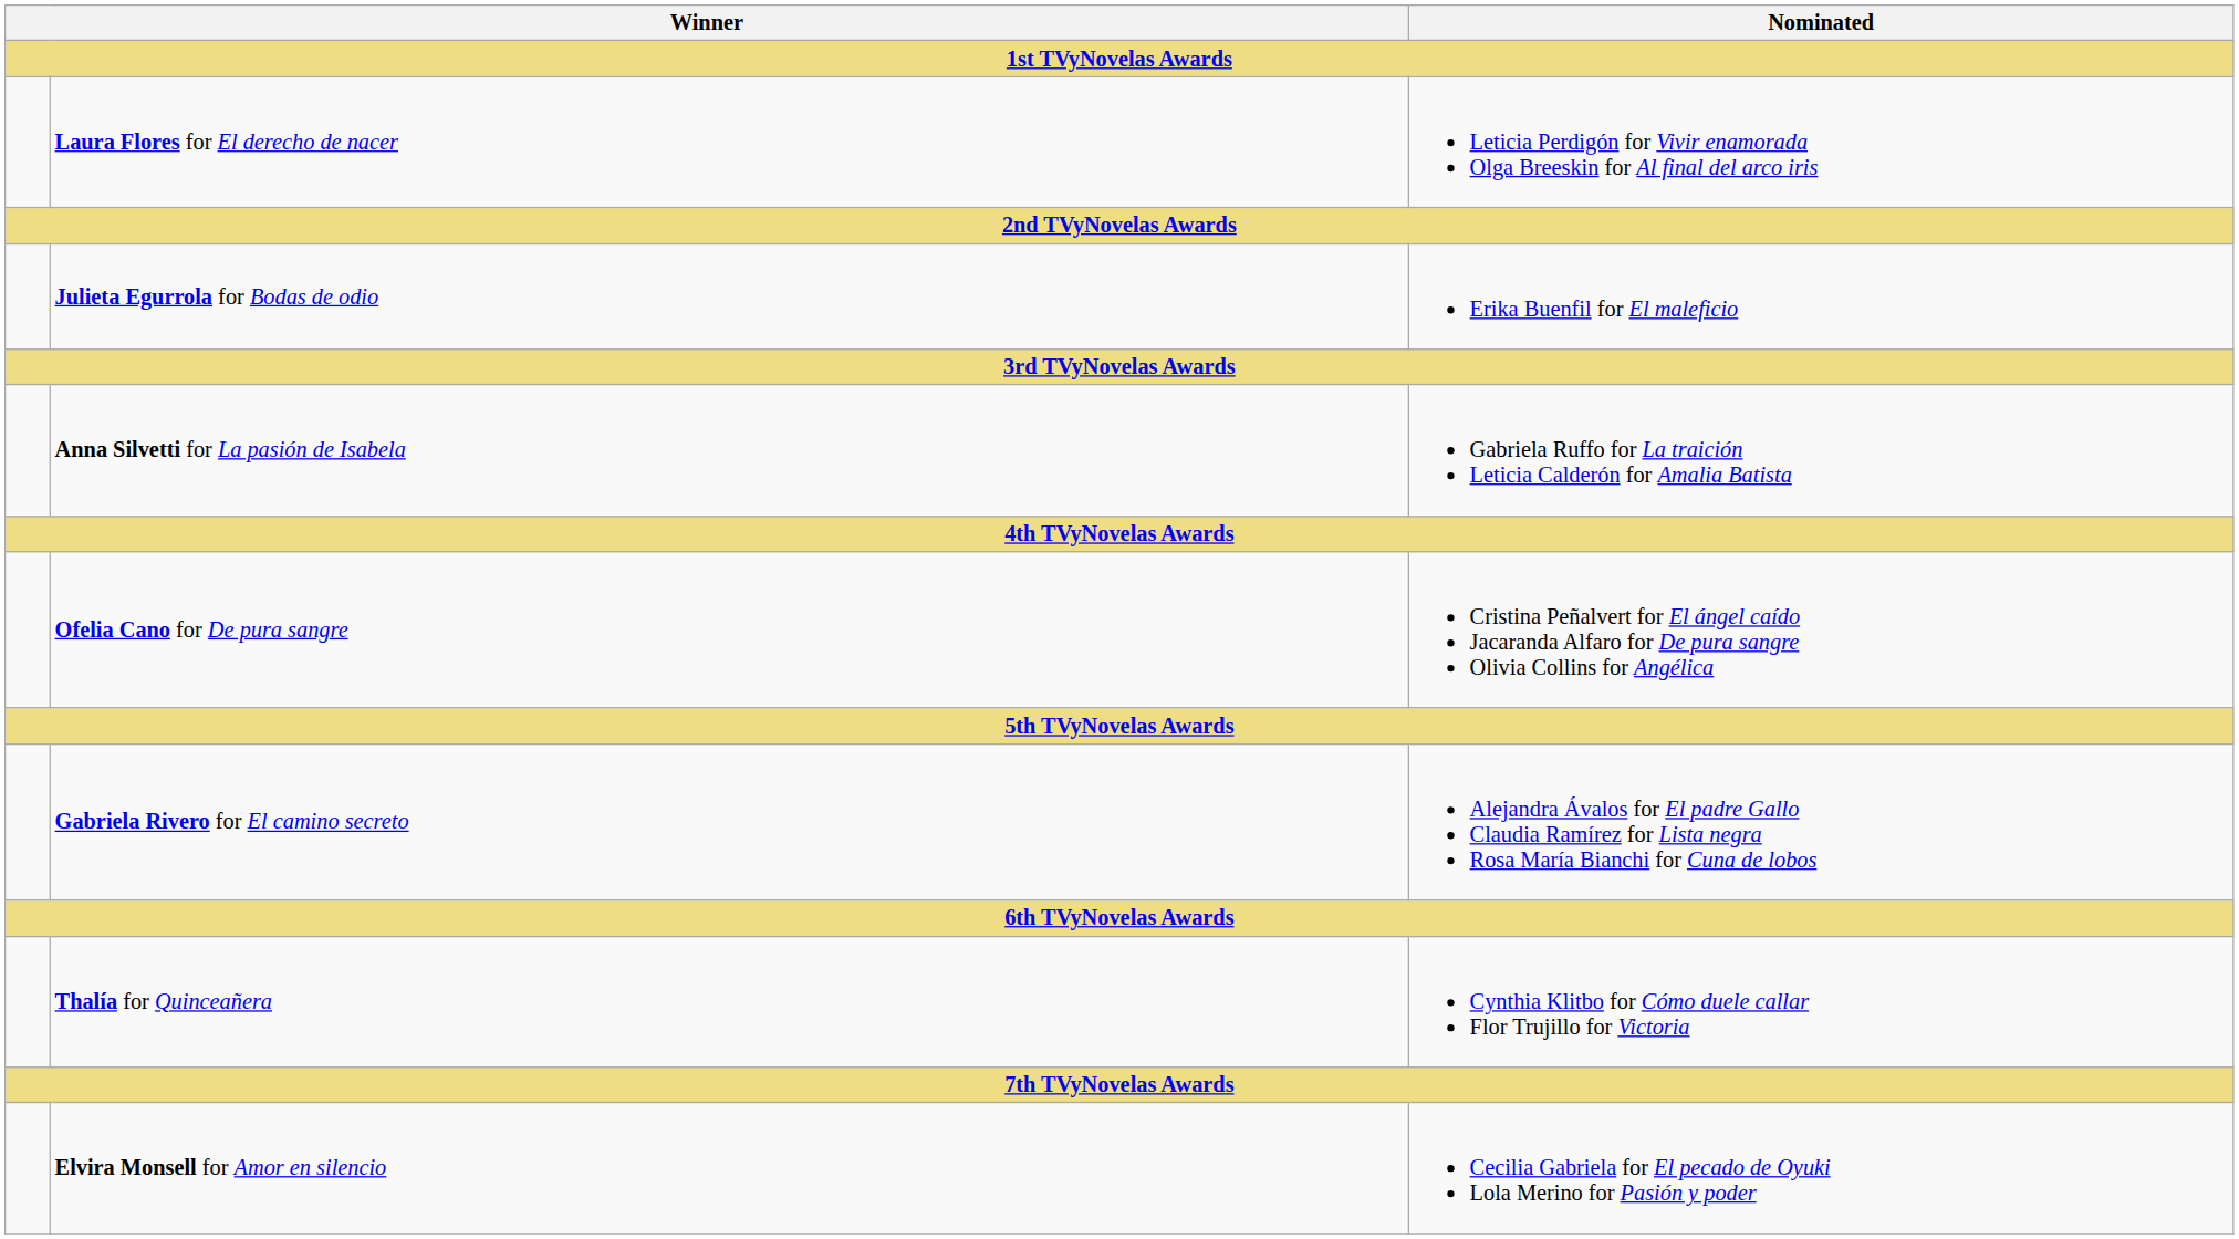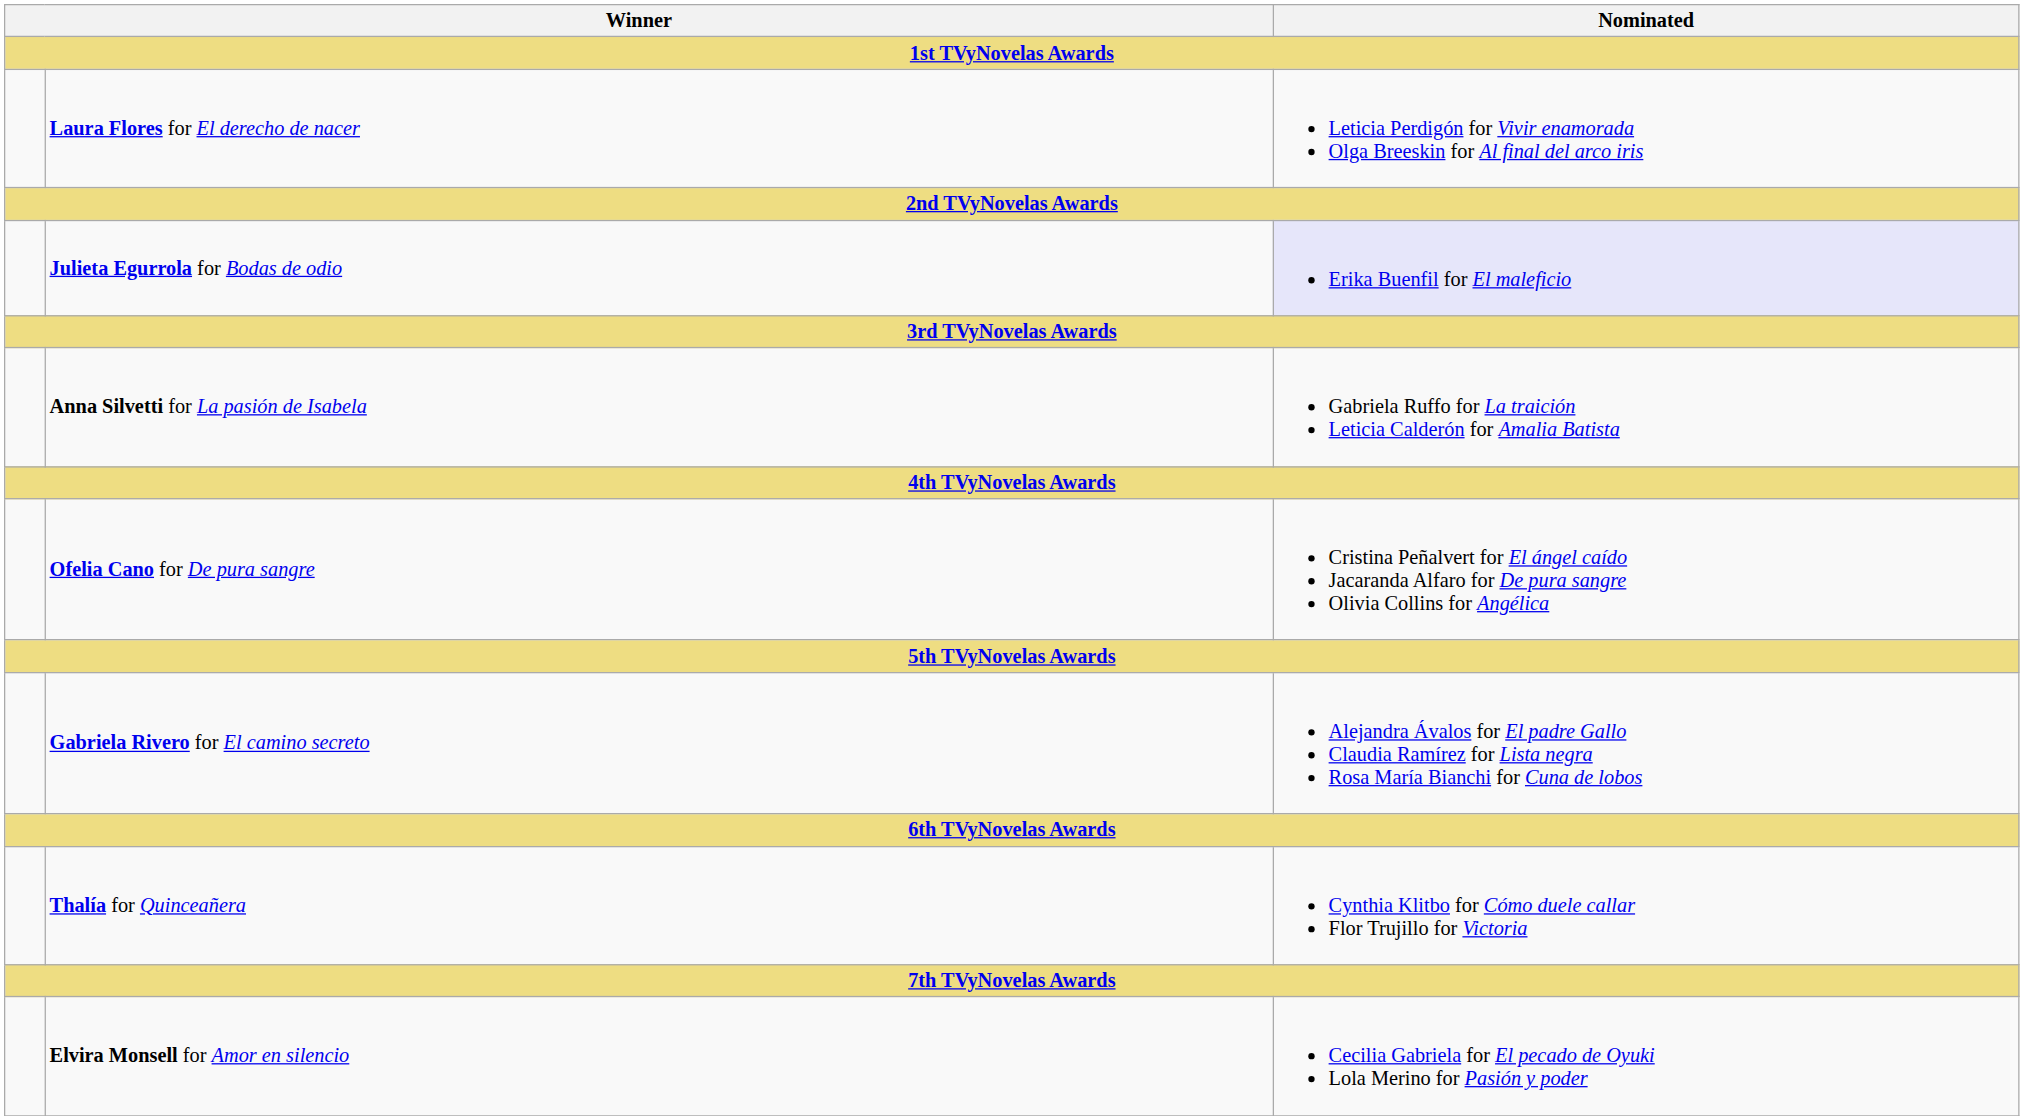 <table class="wikitable" width=80%>
 <tr align=center>
 <th width="150px;" colspan=2; align="center">Winner</th>
 <th width="580px;" align="center">Nominated</th>
 </tr>
 <tr>
 <th colspan=9 style="background:#EEDD82;"  align="center"><strong><a href='#'>1st TVyNovelas Awards</a></strong></th>
 </tr>
 <tr>
 <td width=2%></td>
 <td><strong><a href='#'>Laura Flores</a></strong> for <em><a href='#'>El derecho de nacer</a></em></td>
 <td><br><ul><li><a href='#'>Leticia Perdigón</a> for <em><a href='#'>Vivir enamorada</a></em></li><li><a href='#'>Olga Breeskin</a> for <em><a href='#'>Al final del arco iris</a></em></li></ul></td>
 </tr>
 <tr>
 <th colspan=9 style="background:#EEDD82;"  align="center"><strong><a href='#'>2nd TVyNovelas Awards</a></strong></th>
 </tr>
 <tr>
 <td width=2%></td>
 <td><strong><a href='#'>Julieta Egurrola</a></strong> for <em><a href='#'>Bodas de odio</a></em></td>
-<td><br><ul><li><a href='#'>Erika Buenfil</a> for <em><a href='#'>El maleficio</a></em></li></ul></td>
+<td style="background: lavender;"><br><ul><li><a href='#'>Erika Buenfil</a> for <em><a href='#'>El maleficio</a></em></li></ul></td>
 </tr>
 <tr>
 <th colspan=9 style="background:#EEDD82;"  align="center"><strong><a href='#'>3rd TVyNovelas Awards</a></strong></th>
 </tr>
 <tr>
 <td width=2%></td>
 <td><strong>Anna Silvetti</strong> for <em><a href='#'>La pasión de Isabela</a></em></td>
 <td><br><ul><li>Gabriela Ruffo for <em><a href='#'>La traición</a></em></li><li><a href='#'>Leticia Calderón</a> for <em><a href='#'>Amalia Batista</a></em></li></ul></td>
 </tr>
 <tr>
 <th colspan=9 style="background:#EEDD82;"  align="center"><strong><a href='#'>4th TVyNovelas Awards</a></strong></th>
 </tr>
 <tr>
 <td width=2%></td>
 <td><strong><a href='#'>Ofelia Cano</a></strong> for <em><a href='#'>De pura sangre</a></em></td>
 <td><br><ul><li>Cristina Peñalvert for <em><a href='#'>El ángel caído</a></em></li><li>Jacaranda Alfaro for <em><a href='#'>De pura sangre</a></em></li><li>Olivia Collins for <em><a href='#'>Angélica</a></em></li></ul></td>
 </tr>
 <tr>
 <th colspan=9 style="background:#EEDD82;"  align="center"><strong><a href='#'>5th TVyNovelas Awards</a></strong></th>
 </tr>
 <tr>
 <td width=2%></td>
 <td><strong><a href='#'>Gabriela Rivero</a></strong> for <em><a href='#'>El camino secreto</a></em></td>
 <td><br><ul><li><a href='#'>Alejandra Ávalos</a> for <em><a href='#'>El padre Gallo</a></em></li><li><a href='#'>Claudia Ramírez</a> for <em><a href='#'>Lista negra</a></em></li><li><a href='#'>Rosa María Bianchi</a> for <em><a href='#'>Cuna de lobos</a></em></li></ul></td>
 </tr>
 <tr>
 <th colspan=9 style="background:#EEDD82;"  align="center"><strong><a href='#'>6th TVyNovelas Awards</a></strong></th>
 </tr>
 <tr>
 <td width=2%></td>
 <td><strong><a href='#'>Thalía</a></strong> for <em><a href='#'>Quinceañera</a></em></td>
 <td><br><ul><li><a href='#'>Cynthia Klitbo</a> for <em><a href='#'>Cómo duele callar</a></em></li><li>Flor Trujillo  for <em><a href='#'>Victoria</a></em></li></ul></td>
 </tr>
 <tr>
 <th colspan=9 style="background:#EEDD82;"  align="center"><strong><a href='#'>7th TVyNovelas Awards</a></strong></th>
 </tr>
 <tr>
 <td width=2%></td>
 <td><strong>Elvira Monsell</strong> for <em><a href='#'>Amor en silencio</a></em></td>
 <td><br><ul><li><a href='#'>Cecilia Gabriela</a> for <em><a href='#'>El pecado de Oyuki</a></em></li><li>Lola Merino for <em><a href='#'>Pasión y poder</a></em></li></ul></td>
 </tr>
 </table>
